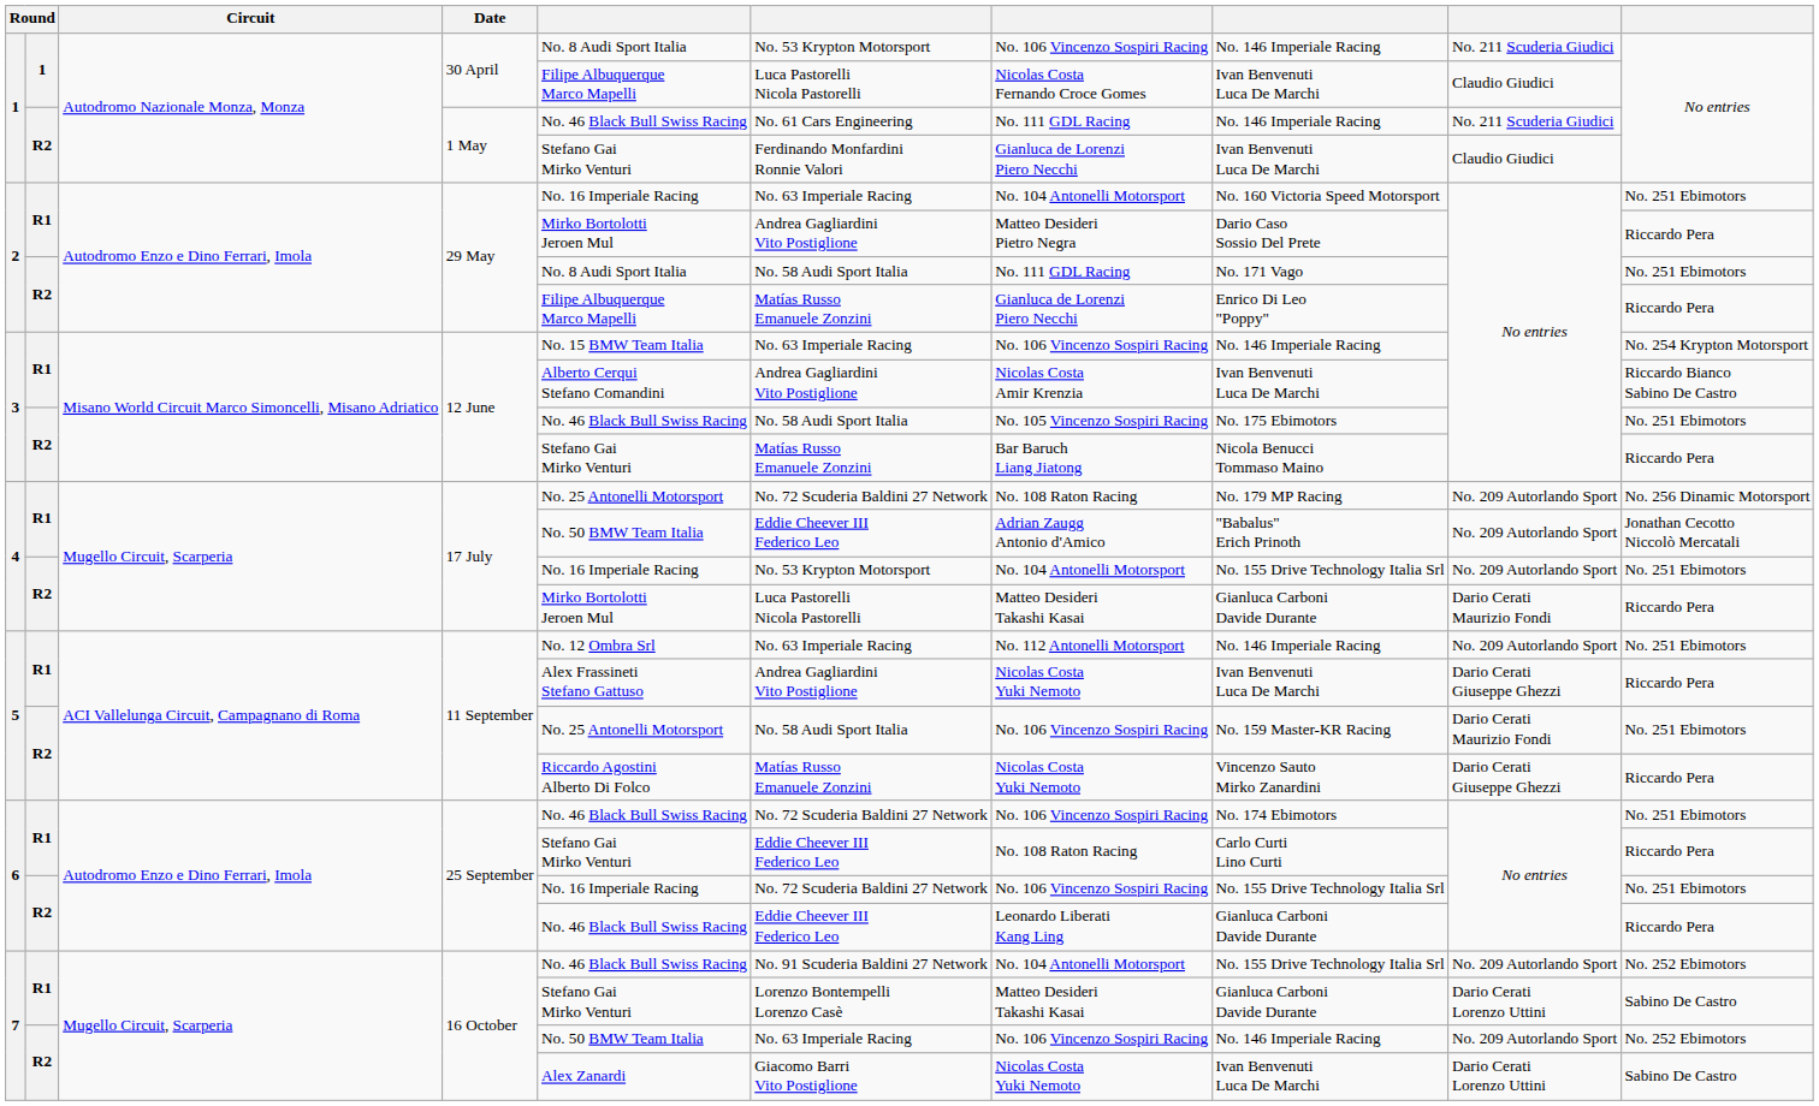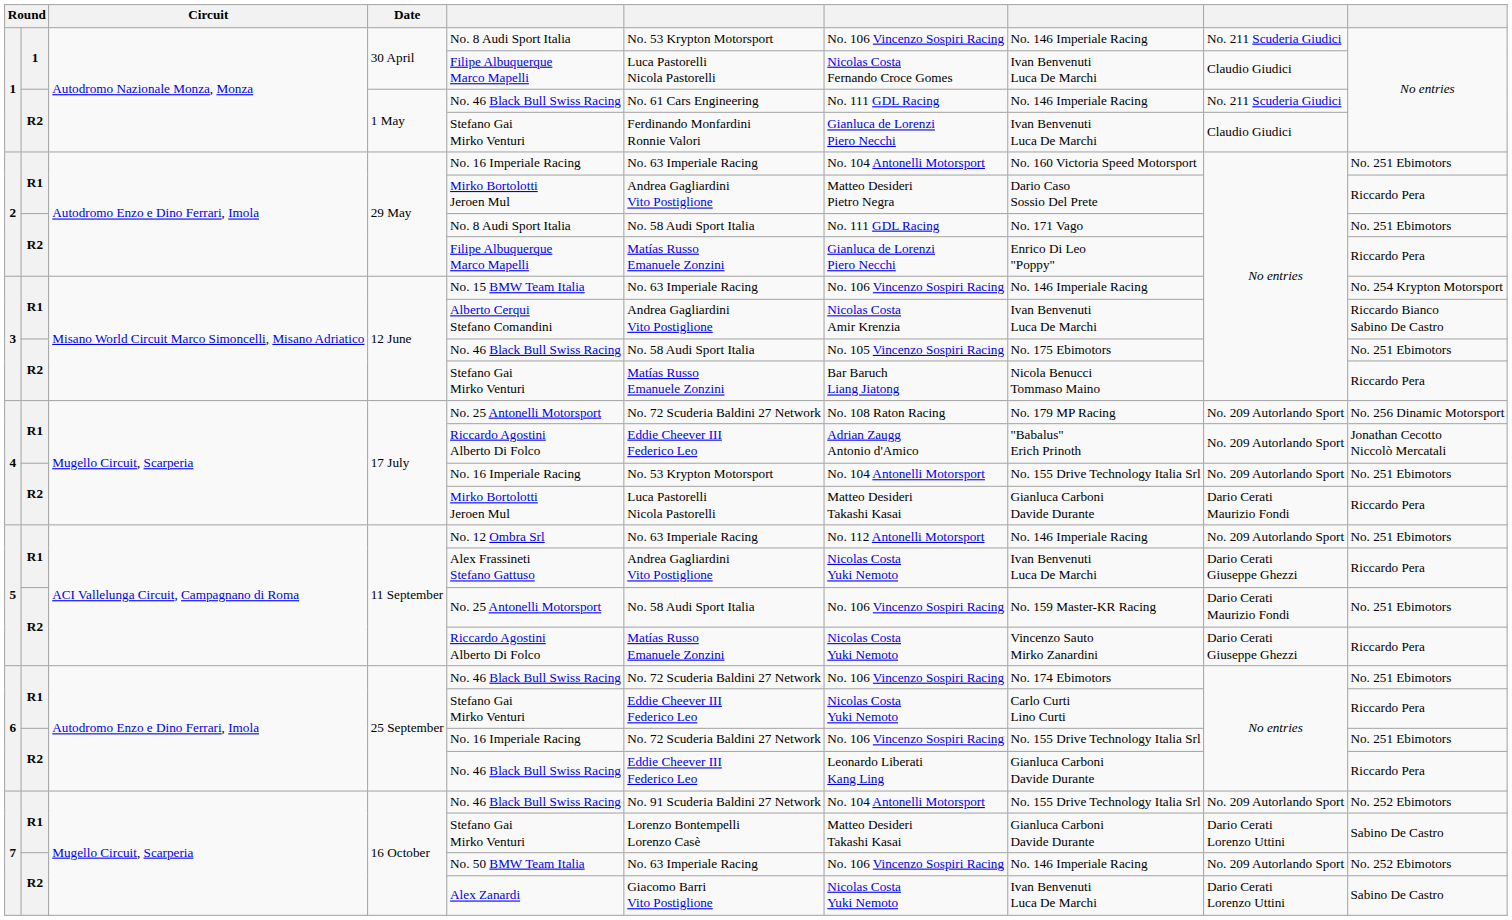 <table class="wikitable" style="font-size: 75%;">
 <tr>
 <th colspan=2>Round</th>
 <th>Circuit</th>
 <th>Date</th>
 <th></th>
 <th></th>
 <th></th>
 <th></th>
 <th></th>
 <th></th>
 </tr>
 <tr>
 <th rowspan=4>1</th>
 <th rowspan=2>1</th>
 <td rowspan=4><a href='#'>Autodromo Nazionale Monza</a>, <a href='#'>Monza</a></td>
 <td rowspan=2>30 April</td>
 <td> No. 8 Audi Sport Italia</td>
 <td> No. 53 Krypton Motorsport</td>
 <td> No. 106 <a href='#'>Vincenzo Sospiri Racing</a></td>
 <td> No. 146 Imperiale Racing</td>
 <td> No. 211 <a href='#'>Scuderia Giudici</a></td>
 <td rowspan=4 align=center><em>No entries</em></td>
 </tr>
 <tr>
 <td> <a href='#'>Filipe Albuquerque</a><br> <a href='#'>Marco Mapelli</a></td>
 <td> Luca Pastorelli<br> Nicola Pastorelli</td>
 <td> <a href='#'>Nicolas Costa</a><br> Fernando Croce Gomes</td>
 <td> Ivan Benvenuti<br> Luca De Marchi</td>
 <td> Claudio Giudici</td>
 </tr>
 <tr>
 <th rowspan=2>R2</th>
 <td rowspan=2>1 May</td>
 <td> No. 46 <a href='#'>Black Bull Swiss Racing</a></td>
 <td> No. 61 Cars Engineering</td>
 <td> No. 111 <a href='#'>GDL Racing</a></td>
 <td> No. 146 Imperiale Racing</td>
 <td> No. 211 <a href='#'>Scuderia Giudici</a></td>
 </tr>
 <tr>
 <td> Stefano Gai<br> Mirko Venturi</td>
 <td> Ferdinando Monfardini<br> Ronnie Valori</td>
 <td> <a href='#'>Gianluca de Lorenzi</a><br> <a href='#'>Piero Necchi</a></td>
 <td> Ivan Benvenuti<br> Luca De Marchi</td>
 <td> Claudio Giudici</td>
 </tr>
 <tr>
 <th rowspan=4>2</th>
 <th rowspan=2>R1</th>
 <td rowspan=4><a href='#'>Autodromo Enzo e Dino Ferrari</a>, <a href='#'>Imola</a></td>
 <td rowspan=4>29 May</td>
 <td> No. 16 Imperiale Racing</td>
 <td> No. 63 Imperiale Racing</td>
 <td> No. 104 <a href='#'>Antonelli Motorsport</a></td>
 <td> No. 160 Victoria Speed Motorsport</td>
 <td rowspan=8 align=center><em>No entries</em></td>
 <td> No. 251 Ebimotors</td>
 </tr>
 <tr>
 <td> <a href='#'>Mirko Bortolotti</a><br> Jeroen Mul</td>
 <td> Andrea Gagliardini<br> <a href='#'>Vito Postiglione</a></td>
 <td> Matteo Desideri<br> Pietro Negra</td>
 <td> Dario Caso<br> Sossio Del Prete</td>
 <td> Riccardo Pera</td>
 </tr>
 <tr>
 <th rowspan=2>R2</th>
 <td> No. 8 Audi Sport Italia</td>
 <td> No. 58 Audi Sport Italia</td>
 <td> No. 111 <a href='#'>GDL Racing</a></td>
 <td> No. 171 Vago</td>
 <td> No. 251 Ebimotors</td>
 </tr>
 <tr>
 <td> <a href='#'>Filipe Albuquerque</a><br> <a href='#'>Marco Mapelli</a></td>
 <td> <a href='#'>Matías Russo</a><br> <a href='#'>Emanuele Zonzini</a></td>
 <td> <a href='#'>Gianluca de Lorenzi</a><br> <a href='#'>Piero Necchi</a></td>
 <td> Enrico Di Leo<br> "Poppy"</td>
 <td> Riccardo Pera</td>
 </tr>
 <tr>
 <th rowspan=4>3</th>
 <th rowspan=2>R1</th>
 <td rowspan=4><a href='#'>Misano World Circuit Marco Simoncelli</a>, <a href='#'>Misano Adriatico</a></td>
 <td rowspan=4>12 June</td>
 <td> No. 15 <a href='#'>BMW Team Italia</a></td>
 <td> No. 63 Imperiale Racing</td>
 <td> No. 106 <a href='#'>Vincenzo Sospiri Racing</a></td>
 <td> No. 146 Imperiale Racing</td>
 <td> No. 254 Krypton Motorsport</td>
 </tr>
 <tr>
 <td> <a href='#'>Alberto Cerqui</a><br> Stefano Comandini</td>
 <td> Andrea Gagliardini<br> <a href='#'>Vito Postiglione</a></td>
 <td> <a href='#'>Nicolas Costa</a><br> Amir Krenzia</td>
 <td> Ivan Benvenuti<br> Luca De Marchi</td>
 <td> Riccardo Bianco<br> Sabino De Castro</td>
 </tr>
 <tr>
 <th rowspan=2>R2</th>
 <td> No. 46 <a href='#'>Black Bull Swiss Racing</a></td>
 <td> No. 58 Audi Sport Italia</td>
 <td> No. 105 <a href='#'>Vincenzo Sospiri Racing</a></td>
 <td> No. 175 Ebimotors</td>
 <td> No. 251 Ebimotors</td>
 </tr>
 <tr>
 <td> Stefano Gai<br> Mirko Venturi</td>
 <td> <a href='#'>Matías Russo</a><br> <a href='#'>Emanuele Zonzini</a></td>
 <td> Bar Baruch<br> <a href='#'>Liang Jiatong</a></td>
 <td> Nicola Benucci<br> Tommaso Maino</td>
 <td> Riccardo Pera</td>
 </tr>
 <tr>
 <th rowspan=4>4</th>
 <th rowspan=2>R1</th>
 <td rowspan=4><a href='#'>Mugello Circuit</a>, <a href='#'>Scarperia</a></td>
 <td rowspan=4>17 July</td>
 <td> No. 25 <a href='#'>Antonelli Motorsport</a></td>
 <td> No. 72 Scuderia Baldini 27 Network</td>
 <td> No. 108 Raton Racing</td>
 <td> No. 179 MP Racing</td>
 <td> No. 209 Autorlando Sport</td>
 <td> No. 256 Dinamic Motorsport</td>
 </tr>
 <tr>
-<td> No. 50 <a href='#'>BMW Team Italia</a></td>
+<td> <a href='#'>Riccardo Agostini</a><br> Alberto Di Folco</td>
 <td> <a href='#'>Eddie Cheever III</a><br> <a href='#'>Federico Leo</a></td>
 <td> <a href='#'>Adrian Zaugg</a><br> Antonio d'Amico</td>
 <td> "Babalus"<br> Erich Prinoth</td>
 <td> No. 209 Autorlando Sport</td>
 <td> Jonathan Cecotto<br> Niccolò Mercatali</td>
 </tr>
 <tr>
 <th rowspan=2>R2</th>
 <td> No. 16 Imperiale Racing</td>
 <td> No. 53 Krypton Motorsport</td>
 <td> No. 104 <a href='#'>Antonelli Motorsport</a></td>
 <td> No. 155 Drive Technology Italia Srl</td>
 <td> No. 209 Autorlando Sport</td>
 <td> No. 251 Ebimotors</td>
 </tr>
 <tr>
 <td> <a href='#'>Mirko Bortolotti</a><br> Jeroen Mul</td>
 <td> Luca Pastorelli<br> Nicola Pastorelli</td>
 <td> Matteo Desideri<br> Takashi Kasai</td>
 <td> Gianluca Carboni<br> Davide Durante</td>
 <td> Dario Cerati<br> Maurizio Fondi</td>
 <td> Riccardo Pera</td>
 </tr>
 <tr>
 <th rowspan=4>5</th>
 <th rowspan=2>R1</th>
 <td rowspan=4><a href='#'>ACI Vallelunga Circuit</a>, <a href='#'>Campagnano di Roma</a></td>
 <td rowspan=4>11 September</td>
 <td> No. 12 <a href='#'>Ombra Srl</a></td>
 <td> No. 63 Imperiale Racing</td>
 <td> No. 112 <a href='#'>Antonelli Motorsport</a></td>
 <td> No. 146 Imperiale Racing</td>
 <td> No. 209 Autorlando Sport</td>
 <td> No. 251 Ebimotors</td>
 </tr>
 <tr>
 <td> Alex Frassineti<br> <a href='#'>Stefano Gattuso</a></td>
 <td> Andrea Gagliardini<br> <a href='#'>Vito Postiglione</a></td>
 <td> <a href='#'>Nicolas Costa</a><br> <a href='#'>Yuki Nemoto</a></td>
 <td> Ivan Benvenuti<br> Luca De Marchi</td>
 <td> Dario Cerati<br> Giuseppe Ghezzi</td>
 <td> Riccardo Pera</td>
 </tr>
 <tr>
 <th rowspan=2>R2</th>
 <td> No. 25 <a href='#'>Antonelli Motorsport</a></td>
 <td> No. 58 Audi Sport Italia</td>
 <td> No. 106 <a href='#'>Vincenzo Sospiri Racing</a></td>
 <td> No. 159 Master-KR Racing</td>
 <td> Dario Cerati<br> Maurizio Fondi</td>
 <td> No. 251 Ebimotors</td>
 </tr>
 <tr>
 <td> <a href='#'>Riccardo Agostini</a><br> Alberto Di Folco</td>
 <td> <a href='#'>Matías Russo</a><br> <a href='#'>Emanuele Zonzini</a></td>
 <td> <a href='#'>Nicolas Costa</a><br> <a href='#'>Yuki Nemoto</a></td>
 <td> Vincenzo Sauto<br> Mirko Zanardini</td>
 <td> Dario Cerati<br> Giuseppe Ghezzi</td>
 <td> Riccardo Pera</td>
 </tr>
 <tr>
 <th rowspan=4>6</th>
 <th rowspan=2>R1</th>
 <td rowspan=4><a href='#'>Autodromo Enzo e Dino Ferrari</a>, <a href='#'>Imola</a></td>
 <td rowspan=4>25 September</td>
 <td> No. 46 <a href='#'>Black Bull Swiss Racing</a></td>
 <td> No. 72 Scuderia Baldini 27 Network</td>
 <td> No. 106 <a href='#'>Vincenzo Sospiri Racing</a></td>
 <td> No. 174 Ebimotors</td>
 <td rowspan=4 align=center><em>No entries</em></td>
 <td> No. 251 Ebimotors</td>
 </tr>
 <tr>
 <td> Stefano Gai<br> Mirko Venturi</td>
 <td> <a href='#'>Eddie Cheever III</a><br> <a href='#'>Federico Leo</a></td>
-<td> No. 108 Raton Racing</td>
+<td> <a href='#'>Nicolas Costa</a><br> <a href='#'>Yuki Nemoto</a></td>
 <td> Carlo Curti<br> Lino Curti</td>
 <td> Riccardo Pera</td>
 </tr>
 <tr>
 <th rowspan=2>R2</th>
 <td> No. 16 Imperiale Racing</td>
 <td> No. 72 Scuderia Baldini 27 Network</td>
 <td> No. 106 <a href='#'>Vincenzo Sospiri Racing</a></td>
 <td> No. 155 Drive Technology Italia Srl</td>
 <td> No. 251 Ebimotors</td>
 </tr>
 <tr>
 <td> No. 46 <a href='#'>Black Bull Swiss Racing</a></td>
 <td> <a href='#'>Eddie Cheever III</a><br> <a href='#'>Federico Leo</a></td>
 <td> Leonardo Liberati<br> <a href='#'>Kang Ling</a></td>
 <td> Gianluca Carboni<br> Davide Durante</td>
 <td> Riccardo Pera</td>
 </tr>
 <tr>
 <th rowspan=4>7</th>
 <th rowspan=2>R1</th>
 <td rowspan=4><a href='#'>Mugello Circuit</a>, <a href='#'>Scarperia</a></td>
 <td rowspan=4>16 October</td>
 <td> No. 46 <a href='#'>Black Bull Swiss Racing</a></td>
 <td> No. 91 Scuderia Baldini 27 Network</td>
 <td> No. 104 <a href='#'>Antonelli Motorsport</a></td>
 <td> No. 155 Drive Technology Italia Srl</td>
 <td> No. 209 Autorlando Sport</td>
 <td> No. 252 Ebimotors</td>
 </tr>
 <tr>
 <td> Stefano Gai<br> Mirko Venturi</td>
 <td> Lorenzo Bontempelli<br> Lorenzo Casè</td>
 <td> Matteo Desideri<br> Takashi Kasai</td>
 <td> Gianluca Carboni<br> Davide Durante</td>
 <td> Dario Cerati<br> Lorenzo Uttini</td>
 <td> Sabino De Castro</td>
 </tr>
 <tr>
 <th rowspan=2>R2</th>
 <td> No. 50 <a href='#'>BMW Team Italia</a></td>
 <td> No. 63 Imperiale Racing</td>
 <td> No. 106 <a href='#'>Vincenzo Sospiri Racing</a></td>
 <td> No. 146 Imperiale Racing</td>
 <td> No. 209 Autorlando Sport</td>
 <td> No. 252 Ebimotors</td>
 </tr>
 <tr>
 <td> <a href='#'>Alex Zanardi</a></td>
 <td> Giacomo Barri<br> <a href='#'>Vito Postiglione</a></td>
 <td> <a href='#'>Nicolas Costa</a><br> <a href='#'>Yuki Nemoto</a></td>
 <td> Ivan Benvenuti<br> Luca De Marchi</td>
 <td> Dario Cerati<br> Lorenzo Uttini</td>
 <td> Sabino De Castro</td>
 </tr>
 </table>
